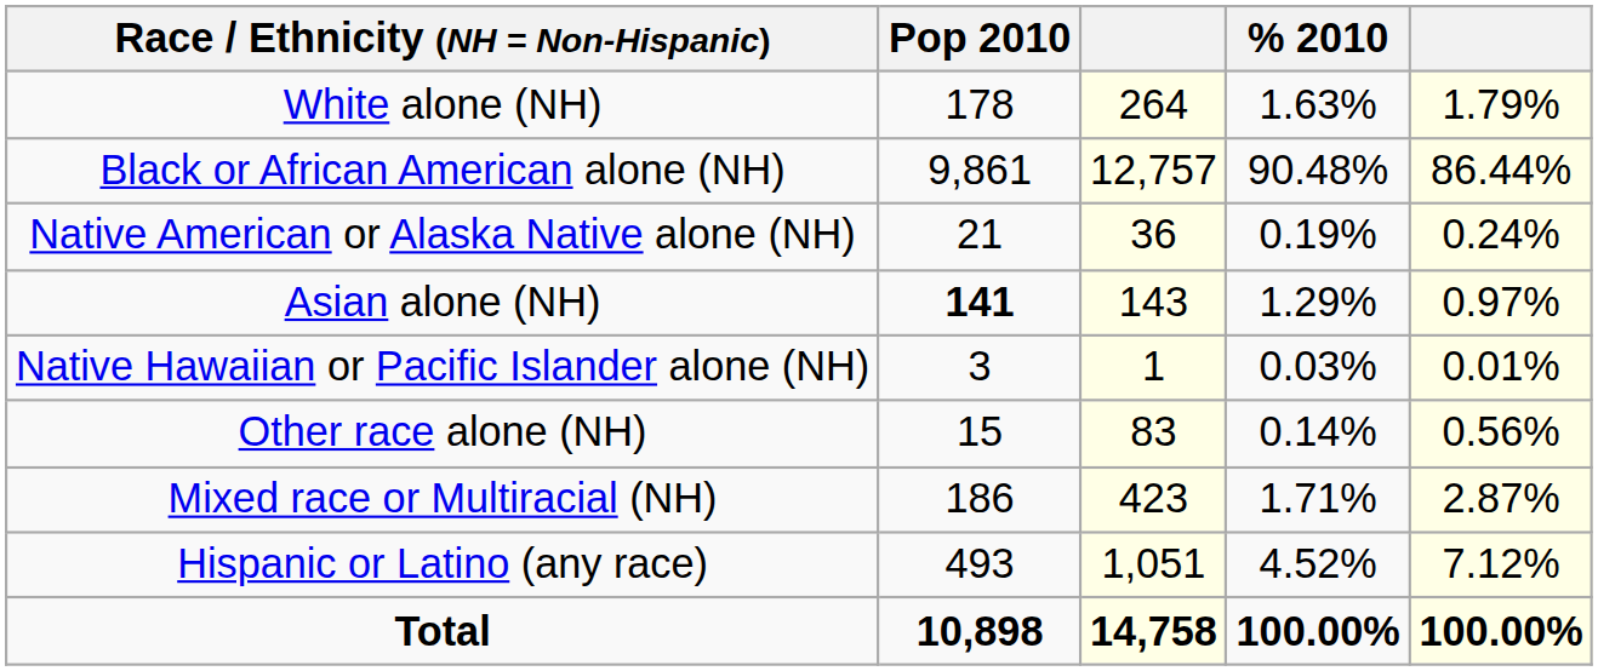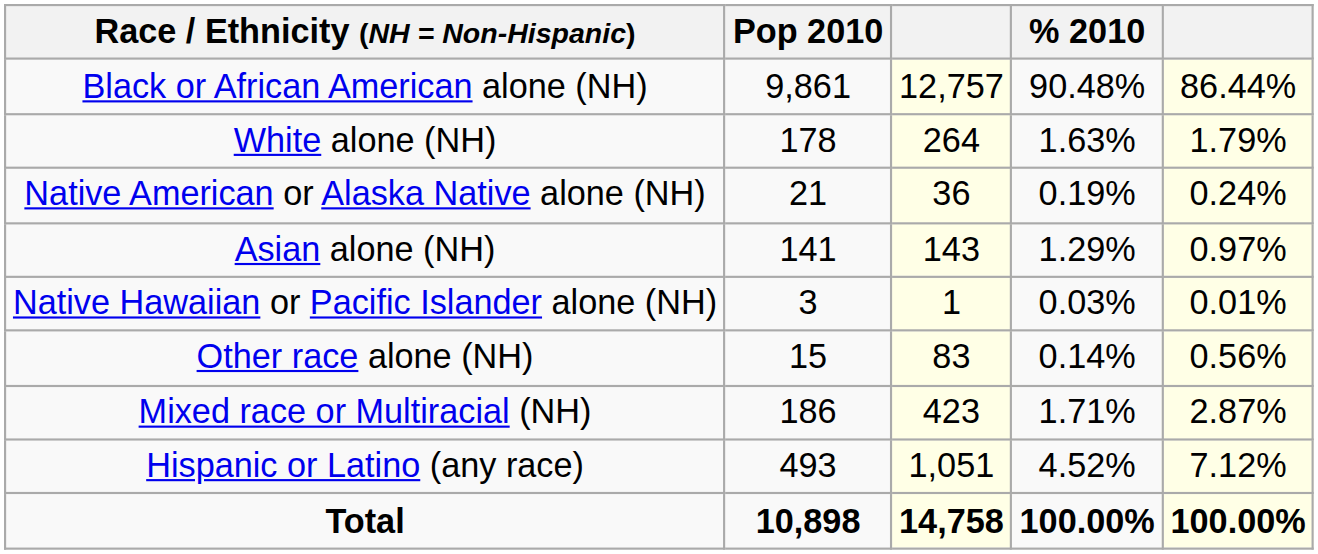 <table class="wikitable" style="text-align:center;">
 <tr>
 <th>Race / Ethnicity <small>(<em>NH = Non-Hispanic</em>)</small></th>
 <th>Pop 2010</th>
 <th></th>
 <th>% 2010</th>
 <th></th>
 </tr>
 <tr>
+<td><a href='#'>Black or African American</a> alone (NH)</td>
+<td>9,861</td>
+<td style='background: #ffffe6;'>12,757</td>
+<td>90.48%</td>
+<td style='background: #ffffe6;'>86.44%</td>
+</tr>
+<tr>
 <td><a href='#'>White</a> alone (NH)</td>
 <td>178</td>
 <td style='background: #ffffe6;'>264</td>
 <td>1.63%</td>
 <td style='background: #ffffe6;'>1.79%</td>
-</tr>
-<tr>
-<td><a href='#'>Black or African American</a> alone (NH)</td>
-<td>9,861</td>
-<td style='background: #ffffe6;'>12,757</td>
-<td>90.48%</td>
-<td style='background: #ffffe6;'>86.44%</td>
 </tr>
 <tr>
 <td><a href='#'>Native American</a> or <a href='#'>Alaska Native</a> alone (NH)</td>
 <td>21</td>
 <td style='background: #ffffe6;'>36</td>
 <td>0.19%</td>
 <td style='background: #ffffe6;'>0.24%</td>
 </tr>
 <tr>
 <td><a href='#'>Asian</a> alone (NH)</td>
-<td><strong>141</strong></td>
+<td>141</td>
 <td style='background: #ffffe6;'>143</td>
 <td>1.29%</td>
 <td style='background: #ffffe6;'>0.97%</td>
 </tr>
 <tr>
 <td><a href='#'>Native Hawaiian</a> or <a href='#'>Pacific Islander</a> alone (NH)</td>
 <td>3</td>
 <td style='background: #ffffe6;'>1</td>
 <td>0.03%</td>
 <td style='background: #ffffe6;'>0.01%</td>
 </tr>
 <tr>
 <td><a href='#'>Other race</a> alone (NH)</td>
 <td>15</td>
 <td style='background: #ffffe6;'>83</td>
 <td>0.14%</td>
 <td style='background: #ffffe6;'>0.56%</td>
 </tr>
 <tr>
 <td><a href='#'>Mixed race or Multiracial</a> (NH)</td>
 <td>186</td>
 <td style='background: #ffffe6;'>423</td>
 <td>1.71%</td>
 <td style='background: #ffffe6;'>2.87%</td>
 </tr>
 <tr>
 <td><a href='#'>Hispanic or Latino</a> (any race)</td>
 <td>493</td>
 <td style='background: #ffffe6;'>1,051</td>
 <td>4.52%</td>
 <td style='background: #ffffe6;'>7.12%</td>
 </tr>
 <tr>
 <td><strong>Total</strong></td>
 <td><strong>10,898</strong></td>
 <td style='background: #ffffe6;'><strong>14,758</strong></td>
 <td><strong>100.00%</strong></td>
 <td style='background: #ffffe6;'><strong>100.00%</strong></td>
 </tr>
 </table>
